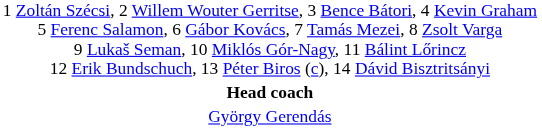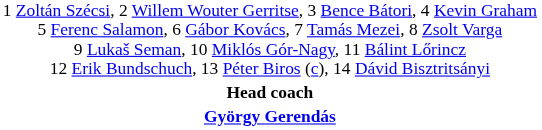 <table style="text-align: center; margin-top: 2em; margin-left: auto; margin-right: auto">
 <tr>
 <td>1 <a href='#'>Zoltán Szécsi</a>, 2 <a href='#'>Willem Wouter Gerritse</a>, 3 <a href='#'>Bence Bátori</a>, 4 <a href='#'>Kevin Graham</a><br>5 <a href='#'>Ferenc Salamon</a>, 6 <a href='#'>Gábor Kovács</a>, 7 <a href='#'>Tamás Mezei</a>, 8 <a href='#'>Zsolt Varga</a><br>9 <a href='#'>Lukaš Seman</a>, 10 <a href='#'>Miklós Gór-Nagy</a>, 11 <a href='#'>Bálint Lőrincz</a><br>12 <a href='#'>Erik Bundschuch</a>, 13 <a href='#'>Péter Biros</a> (<a href='#'>c</a>), 14 <a href='#'>Dávid Bisztritsányi</a></td>
 </tr>
 <tr>
 <td><strong>Head coach</strong></td>
 </tr>
 <tr>
-<td><a href='#'>György Gerendás</a></td>
+<td><strong><a href='#'>György Gerendás</a></strong></td>
 </tr>
 </table>
